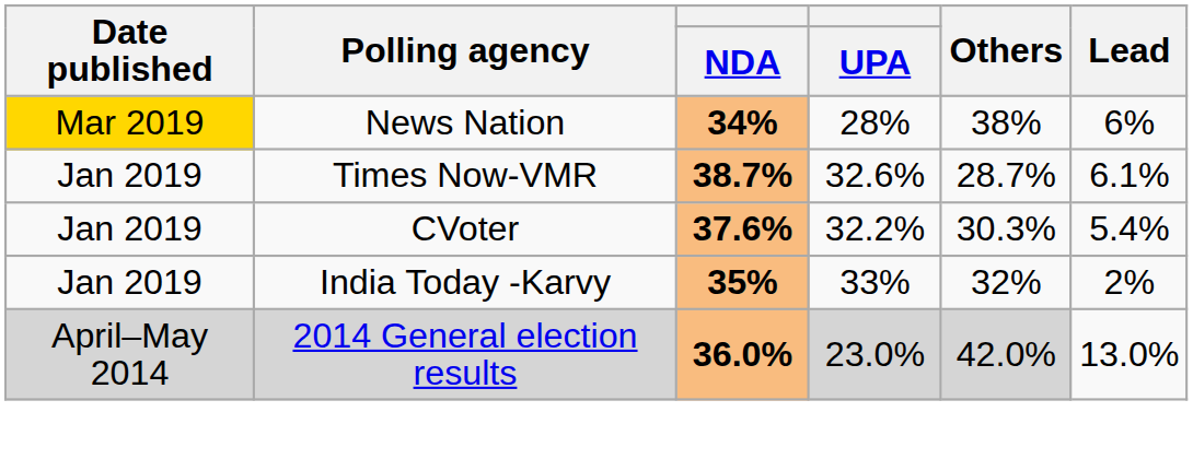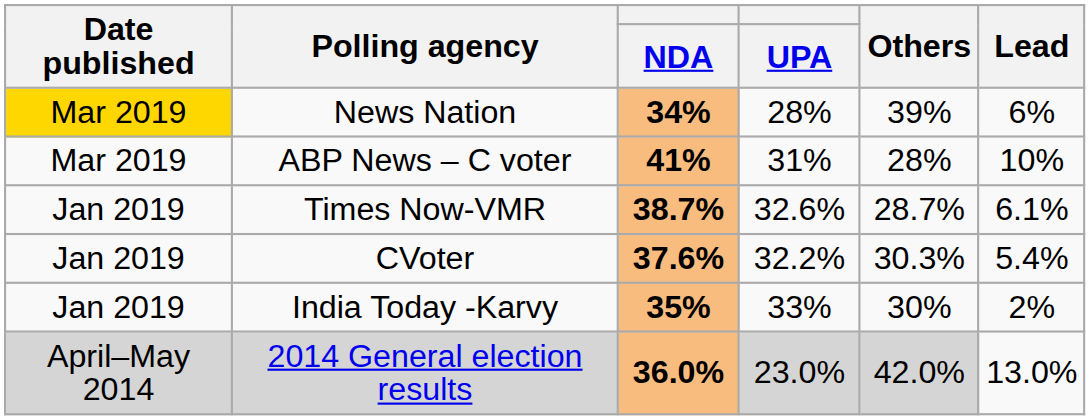 <table class="wikitable sortable" style="text-align:center;font-size:95%;line-height:16px">
 <tr>
 <th rowspan="2" width="100px">Date published</th>
 <th rowspan="2" width="175px">Polling agency</th>
 <th style="background:"></th>
 <th style="background:"></th>
 <th rowspan="2" class="unsortable" width="40px">Others</th>
 <th rowspan="2">Lead</th>
 </tr>
 <tr>
 <th width="50px" class="unsortable"><a href='#'>NDA</a></th>
 <th width="50px" class="unsortable"><a href='#'>UPA</a></th>
 </tr>
 <tr>
 <td style="background: gold;">Mar 2019</td>
 <td>News Nation</td>
 <td style="background:#F9BC7F"><strong>34%</strong></td>
 <td>28%</td>
-<td>38%</td>
+<td>39%</td>
 <td style="background:">6%</td>
+</tr>
+<tr>
+<td>Mar 2019</td>
+<td>ABP News – C voter</td>
+<td style="background:#F9BC7F"><strong>41%</strong></td>
+<td>31%</td>
+<td>28%</td>
+<td style="background:">10%</td>
 </tr>
 <tr>
 <td>Jan 2019</td>
 <td>Times Now-VMR</td>
 <td style="background:#F9BC7F"><strong>38.7%</strong></td>
 <td>32.6%</td>
 <td>28.7%</td>
 <td style="background:">6.1%</td>
 </tr>
 <tr>
 <td>Jan 2019</td>
 <td>CVoter</td>
 <td style="background:#F9BC7F"><strong>37.6%</strong></td>
 <td>32.2%</td>
 <td>30.3%</td>
 <td style="background:">5.4%</td>
 </tr>
 <tr>
 <td>Jan 2019</td>
 <td>India Today -Karvy</td>
 <td style="background:#F9BC7F"><strong>35%</strong></td>
 <td>33%</td>
-<td>32%</td>
+<td>30%</td>
 <td style="background:">2%</td>
 </tr>
 <tr>
 <td style="background:#D5D5D5">April–May 2014</td>
 <td style="background:#D5D5D5"><a href='#'>2014 General election results</a></td>
 <td style="background:#F9BC7F"><strong>36.0%</strong></td>
 <td style="background:#D5D5D5">23.0%</td>
 <td style="background:#D5D5D5">42.0%</td>
 <td style="background:">13.0%<br></td>
 </tr>
 </table>
